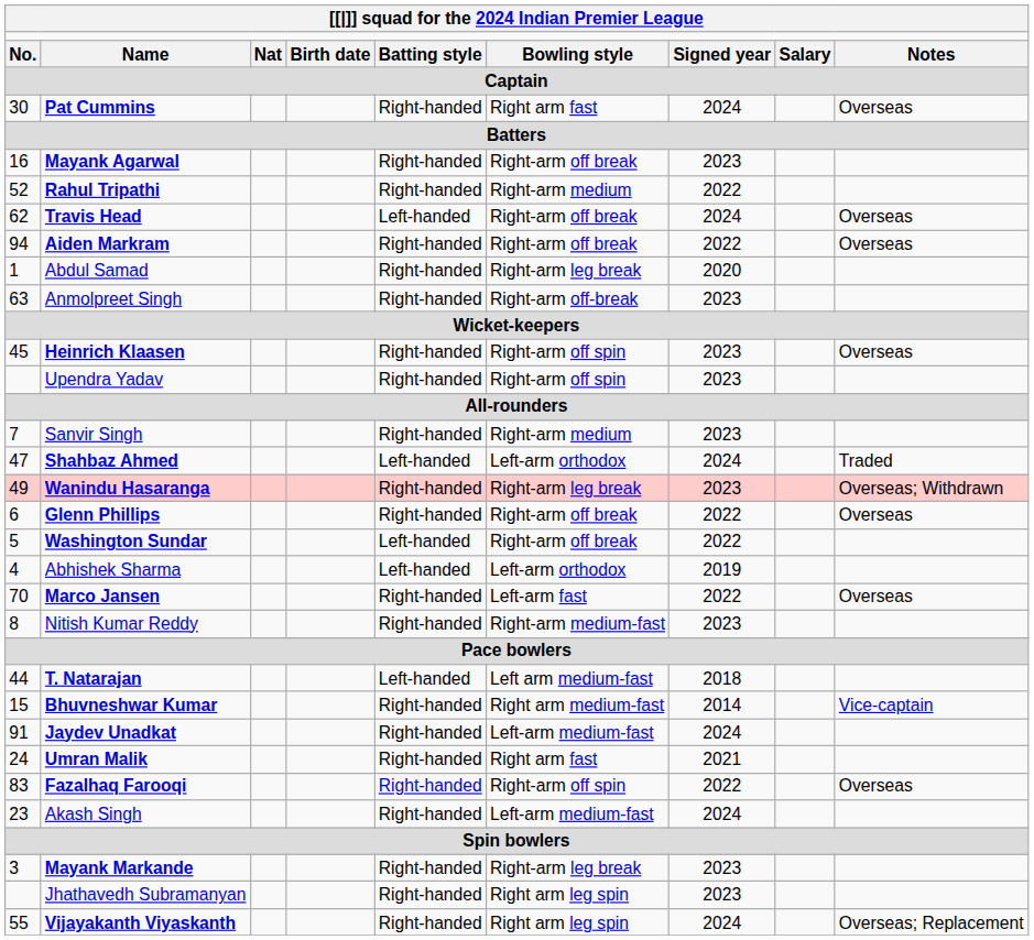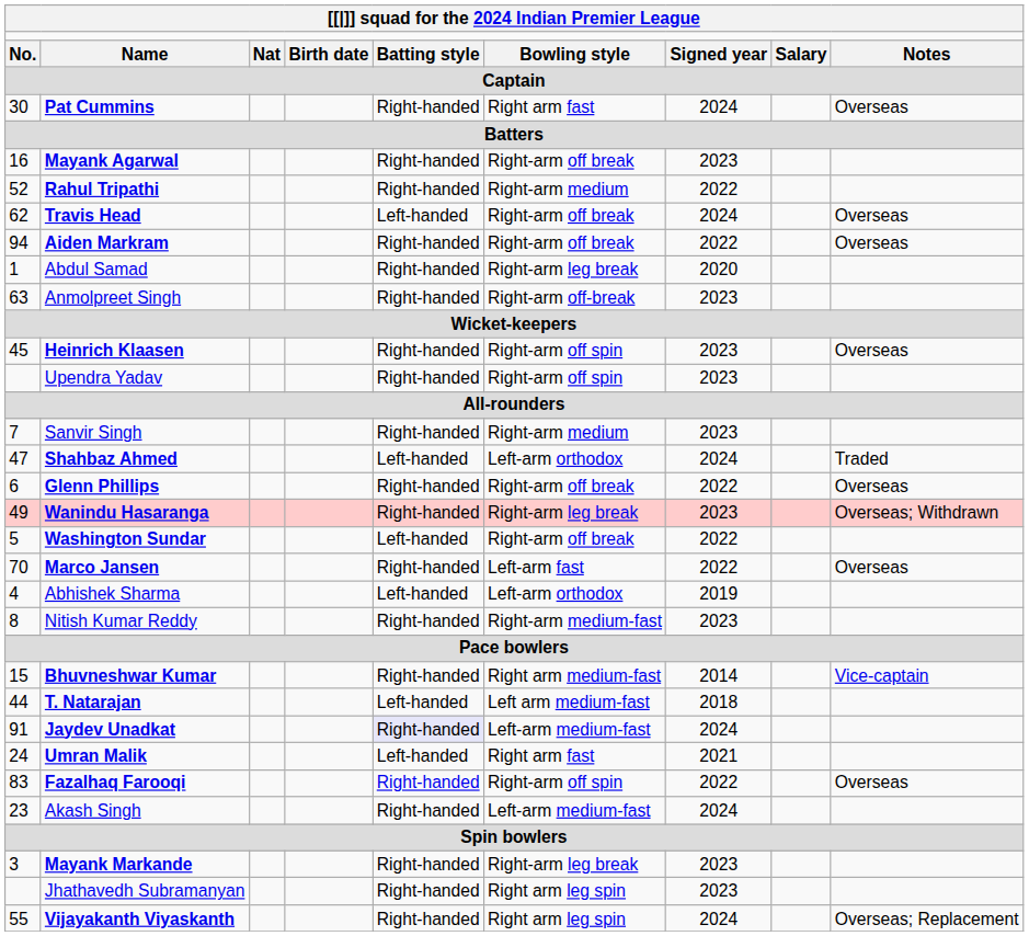 <table class="wikitable mw-collapsible mw-collapsed" style="font-size:85%">
 <tr>
 <th colspan="9" style="background:#"><span>[[|<span></span>]] squad for the <a href='#'><span>2024 Indian Premier League</span></a></span></th>
 </tr>
 <tr>
 <td colspan="9"></td>
 </tr>
 <tr>
 <th>No.</th>
 <th>Name</th>
 <th>Nat</th>
 <th>Birth date</th>
 <th>Batting style</th>
 <th>Bowling style</th>
 <th>Signed year</th>
 <th>Salary</th>
 <th>Notes</th>
 </tr>
 <tr>
 <th colspan="9"  style="background:#dcdcdc; text-align:center;">Captain</th>
 </tr>
 <tr>
 <td>30</td>
 <td><strong><a href='#'>Pat Cummins</a></strong></td>
 <td></td>
 <td></td>
 <td>Right-handed</td>
 <td>Right arm <a href='#'>fast</a></td>
 <td style="text-align:center;">2024</td>
 <td style="text-align:right;"></td>
 <td>Overseas</td>
 </tr>
 <tr>
 <th colspan="9"  style="background:#dcdcdc; text-align:center;">Batters</th>
 </tr>
 <tr>
 <td>16</td>
 <td><strong><a href='#'>Mayank Agarwal</a></strong></td>
 <td></td>
 <td></td>
 <td>Right-handed</td>
 <td>Right-arm <a href='#'>off break</a></td>
 <td style="text-align:center;">2023</td>
 <td style="text-align:right;"></td>
 <td></td>
 </tr>
 <tr>
 <td>52</td>
 <td><strong><a href='#'>Rahul Tripathi</a></strong></td>
 <td></td>
 <td></td>
 <td>Right-handed</td>
 <td>Right-arm <a href='#'>medium</a></td>
 <td style="text-align:center;">2022</td>
 <td style="text-align:right;"></td>
 <td></td>
 </tr>
 <tr>
 <td>62</td>
 <td><strong><a href='#'>Travis Head</a></strong></td>
 <td></td>
 <td></td>
 <td>Left-handed</td>
 <td>Right-arm <a href='#'>off break</a></td>
 <td style="text-align:center;">2024</td>
 <td style="text-align:right;"></td>
 <td>Overseas</td>
 </tr>
 <tr>
 <td>94</td>
 <td><strong><a href='#'>Aiden Markram</a></strong></td>
 <td></td>
 <td></td>
 <td>Right-handed</td>
 <td>Right-arm <a href='#'>off break</a></td>
 <td style="text-align:center;">2022</td>
 <td style="text-align:right;"></td>
 <td>Overseas</td>
 </tr>
 <tr>
 <td>1</td>
 <td><a href='#'>Abdul Samad</a></td>
 <td></td>
 <td></td>
 <td>Right-handed</td>
 <td>Right-arm <a href='#'>leg break</a></td>
 <td style="text-align:center;">2020</td>
 <td style="text-align:right;"></td>
 <td></td>
 </tr>
 <tr>
 <td>63</td>
 <td><a href='#'>Anmolpreet Singh</a></td>
 <td></td>
 <td></td>
 <td>Right-handed</td>
 <td>Right-arm <a href='#'>off-break</a></td>
 <td style="text-align:center;">2023</td>
 <td style="text-align:right;"></td>
 <td></td>
 </tr>
 <tr>
 <th colspan="9"  style="background:#dcdcdc; text-align:center;">Wicket-keepers</th>
 </tr>
 <tr>
 <td>45</td>
 <td><strong><a href='#'>Heinrich Klaasen</a></strong></td>
 <td></td>
 <td></td>
 <td>Right-handed</td>
 <td>Right-arm <a href='#'>off spin</a></td>
 <td style="text-align:center;">2023</td>
 <td style="text-align:right;"></td>
 <td>Overseas</td>
 </tr>
 <tr>
 <td></td>
 <td><a href='#'>Upendra Yadav</a></td>
 <td></td>
 <td></td>
 <td>Right-handed</td>
 <td>Right-arm <a href='#'>off spin</a></td>
 <td style="text-align:center;">2023</td>
 <td style="text-align:right;"></td>
 <td></td>
 </tr>
 <tr>
 <th colspan="9"  style="background:#dcdcdc; text-align:center;">All-rounders</th>
 </tr>
 <tr>
 <td>7</td>
 <td><a href='#'>Sanvir Singh</a></td>
 <td></td>
 <td></td>
 <td>Right-handed</td>
 <td>Right-arm <a href='#'>medium</a></td>
 <td style="text-align:center;">2023</td>
 <td style="text-align:right;"></td>
 <td></td>
 </tr>
 <tr>
 <td>47</td>
 <td><strong><a href='#'>Shahbaz Ahmed</a></strong></td>
 <td></td>
 <td></td>
 <td>Left-handed</td>
 <td>Left-arm <a href='#'>orthodox</a></td>
 <td style="text-align:center;">2024</td>
 <td style="text-align:right;"></td>
 <td>Traded</td>
 </tr>
+<tr>
+<td>6</td>
+<td><strong><a href='#'>Glenn Phillips</a></strong></td>
+<td></td>
+<td></td>
+<td>Right-handed</td>
+<td>Right-arm <a href='#'>off break</a></td>
+<td style="text-align:center;">2022</td>
+<td style="text-align:right;"></td>
+<td>Overseas</td>
+</tr>
 <tr style="background:#FFCCCC">
 <td>49</td>
 <td><strong><a href='#'>Wanindu Hasaranga</a></strong></td>
 <td></td>
 <td></td>
 <td>Right-handed</td>
 <td>Right-arm <a href='#'>leg break</a></td>
 <td style="text-align:center;">2023</td>
 <td style="text-align:right;"></td>
 <td>Overseas; Withdrawn</td>
-</tr>
-<tr>
-<td>6</td>
-<td><strong><a href='#'>Glenn Phillips</a></strong></td>
-<td></td>
-<td></td>
-<td>Right-handed</td>
-<td>Right-arm <a href='#'>off break</a></td>
-<td style="text-align:center;">2022</td>
-<td style="text-align:right;"></td>
-<td>Overseas</td>
 </tr>
 <tr>
 <td>5</td>
 <td><strong><a href='#'>Washington Sundar</a></strong></td>
 <td></td>
 <td></td>
 <td>Left-handed</td>
 <td>Right-arm <a href='#'>off break</a></td>
 <td style="text-align:center;">2022</td>
 <td style="text-align:center;"></td>
 <td style="text-align:right;"></td>
 </tr>
 <tr>
+<td>70</td>
+<td><strong><a href='#'>Marco Jansen</a></strong></td>
+<td></td>
+<td></td>
+<td>Right-handed</td>
+<td>Left-arm <a href='#'>fast</a></td>
+<td style="text-align:center;">2022</td>
+<td style="text-align:right;"></td>
+<td>Overseas</td>
+</tr>
+<tr>
 <td>4</td>
 <td><a href='#'>Abhishek Sharma</a></td>
 <td></td>
 <td></td>
 <td>Left-handed</td>
 <td>Left-arm <a href='#'>orthodox</a></td>
 <td style="text-align:center;">2019</td>
 <td style="text-align:right;"></td>
 <td></td>
-</tr>
-<tr>
-<td>70</td>
-<td><strong><a href='#'>Marco Jansen</a></strong></td>
-<td></td>
-<td></td>
-<td>Right-handed</td>
-<td>Left-arm <a href='#'>fast</a></td>
-<td style="text-align:center;">2022</td>
-<td style="text-align:right;"></td>
-<td>Overseas</td>
 </tr>
 <tr>
 <td>8</td>
 <td><a href='#'>Nitish Kumar Reddy</a></td>
 <td></td>
 <td></td>
 <td>Right-handed</td>
 <td>Right-arm <a href='#'>medium-fast</a></td>
 <td style="text-align:center;">2023</td>
 <td style="text-align:right;"></td>
 <td></td>
 </tr>
 <tr>
 <th colspan="9"  style="background:#dcdcdc; text-align:center;">Pace bowlers</th>
 </tr>
 <tr>
+<td>15</td>
+<td><strong><a href='#'>Bhuvneshwar Kumar</a></strong></td>
+<td></td>
+<td></td>
+<td>Right-handed</td>
+<td>Right arm <a href='#'>medium-fast</a></td>
+<td style="text-align:center;">2014</td>
+<td style="text-align:right;"></td>
+<td><a href='#'>Vice-captain</a></td>
+</tr>
+<tr>
 <td>44</td>
 <td><strong><a href='#'>T. Natarajan</a></strong></td>
 <td></td>
 <td></td>
 <td>Left-handed</td>
 <td>Left arm <a href='#'>medium-fast</a></td>
 <td style="text-align:center;">2018</td>
 <td style="text-align:right;"></td>
 <td></td>
 </tr>
 <tr>
-<td>15</td>
-<td><strong><a href='#'>Bhuvneshwar Kumar</a></strong></td>
-<td></td>
-<td></td>
-<td>Right-handed</td>
-<td>Right arm <a href='#'>medium-fast</a></td>
-<td style="text-align:center;">2014</td>
-<td style="text-align:right;"></td>
-<td><a href='#'>Vice-captain</a></td>
-</tr>
-<tr>
 <td>91</td>
 <td><strong><a href='#'>Jaydev Unadkat</a></strong></td>
 <td></td>
 <td></td>
-<td>Right-handed</td>
+<td style="background: lavender;">Right-handed</td>
 <td>Left-arm <a href='#'>medium-fast</a></td>
 <td style="text-align:center;">2024</td>
 <td style="text-align:right;"></td>
 <td></td>
 </tr>
 <tr>
 <td>24</td>
 <td><strong><a href='#'>Umran Malik</a></strong></td>
 <td></td>
 <td></td>
-<td>Right-handed</td>
+<td>Left-handed</td>
 <td>Right arm <a href='#'>fast</a></td>
 <td style="text-align:center;">2021</td>
 <td style="text-align:right;"></td>
 <td></td>
 </tr>
 <tr>
 <td>83</td>
 <td><strong><a href='#'>Fazalhaq Farooqi</a></strong></td>
 <td></td>
 <td></td>
 <td><a href='#'>Right-handed</a></td>
 <td>Right-arm <a href='#'>off spin</a></td>
 <td style="text-align:center;">2022</td>
 <td style="text-align:right;"></td>
 <td>Overseas</td>
 </tr>
 <tr>
 <td>23</td>
 <td><a href='#'>Akash Singh</a></td>
 <td></td>
 <td></td>
 <td>Right-handed</td>
 <td>Left-arm <a href='#'>medium-fast</a></td>
 <td style="text-align:center;">2024</td>
 <td style="text-align:right;"></td>
 <td></td>
 </tr>
 <tr>
 <th colspan="9"  style="background:#dcdcdc; text-align:center;">Spin bowlers</th>
 </tr>
 <tr>
 <td>3</td>
 <td><strong><a href='#'>Mayank Markande</a></strong></td>
 <td></td>
 <td></td>
 <td>Right-handed</td>
 <td>Right-arm <a href='#'>leg break</a></td>
 <td style="text-align:center;">2023</td>
 <td style="text-align:right;"></td>
 <td></td>
 </tr>
 <tr>
 <td></td>
 <td><a href='#'>Jhathavedh Subramanyan</a></td>
 <td></td>
 <td></td>
 <td>Right-handed</td>
 <td>Right arm <a href='#'>leg spin</a></td>
 <td style="text-align:center;">2023</td>
 <td style="text-align:right;"></td>
 <td></td>
 </tr>
 <tr>
 <td>55</td>
 <td><strong><a href='#'>Vijayakanth Viyaskanth</a></strong></td>
 <td></td>
 <td></td>
 <td>Right-handed</td>
 <td>Right arm <a href='#'>leg spin</a></td>
 <td style="text-align:center;">2024</td>
 <td style="text-align:right;"></td>
 <td>Overseas; Replacement</td>
 </tr>
 </table>
